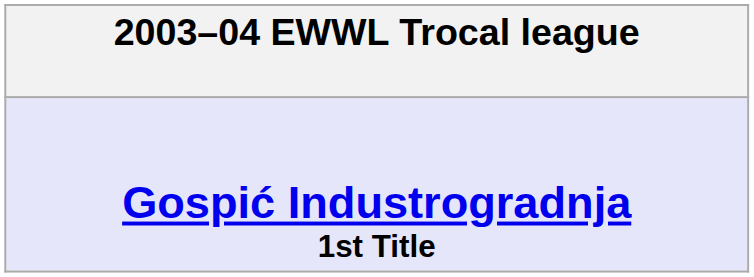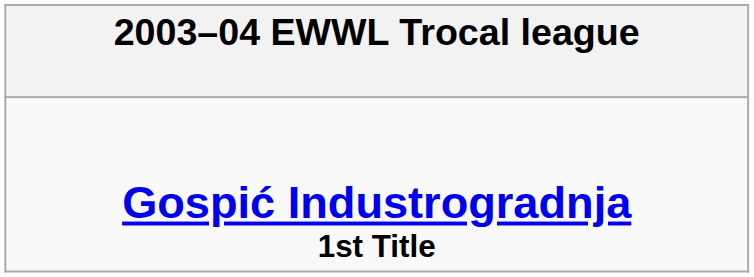 <table class="wikitable" style="margin: 0 auto; width: 30%;">
 <tr>
 <th><big>2003–04 EWWL Trocal league</big><br><br></th>
 </tr>
 <tr>
-<td align=center style="background: lavender;"><br><br><big><big><strong><a href='#'>Gospić Industrogradnja</a></strong><br></big></big><strong>1st Title</strong></td>
+<td align=center><br><br><big><big><strong><a href='#'>Gospić Industrogradnja</a></strong><br></big></big><strong>1st Title</strong></td>
 </tr>
 </table>
